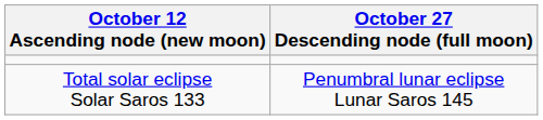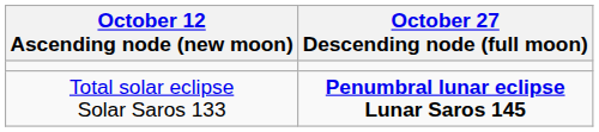 <table class="wikitable">
 <tr>
 <th><a href='#'>October 12</a><br>Ascending node (new moon)<br></th>
 <th><a href='#'>October 27</a><br>Descending node (full moon)</th>
 </tr>
 <tr>
 <td></td>
 <td></td>
 </tr>
 <tr align=center>
 <td><a href='#'>Total solar eclipse</a><br>Solar Saros 133</td>
-<td><a href='#'>Penumbral lunar eclipse</a><br>Lunar Saros 145</td>
+<td><strong><a href='#'>Penumbral lunar eclipse</a><br>Lunar Saros 145</strong></td>
 </tr>
 </table>
